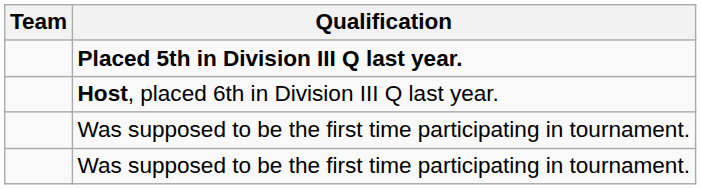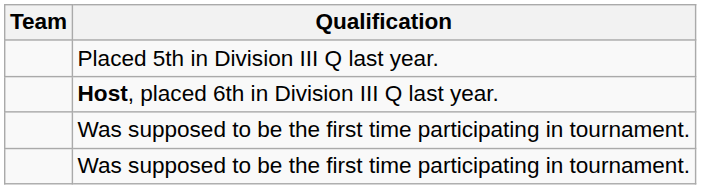 <table class="wikitable">
 <tr>
 <th>Team</th>
 <th>Qualification</th>
 </tr>
 <tr>
 <td></td>
-<td><strong>Placed 5th in Division III Q last year.</strong></td>
+<td>Placed 5th in Division III Q last year.</td>
 </tr>
 <tr>
 <td></td>
 <td><strong>Host</strong>, placed 6th in Division III Q last year.</td>
 </tr>
 <tr>
 <td></td>
 <td>Was supposed to be the first time participating in tournament.</td>
 </tr>
 <tr>
 <td></td>
 <td>Was supposed to be the first time participating in tournament.</td>
 </tr>
 </table>
